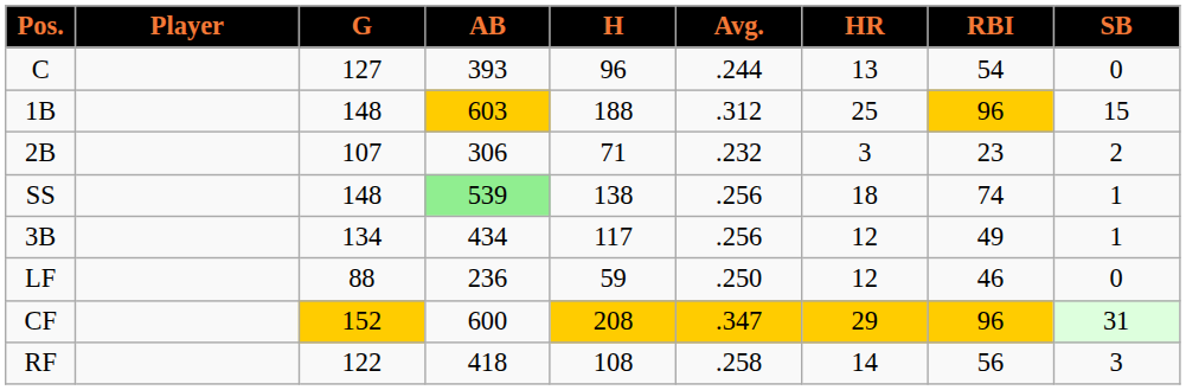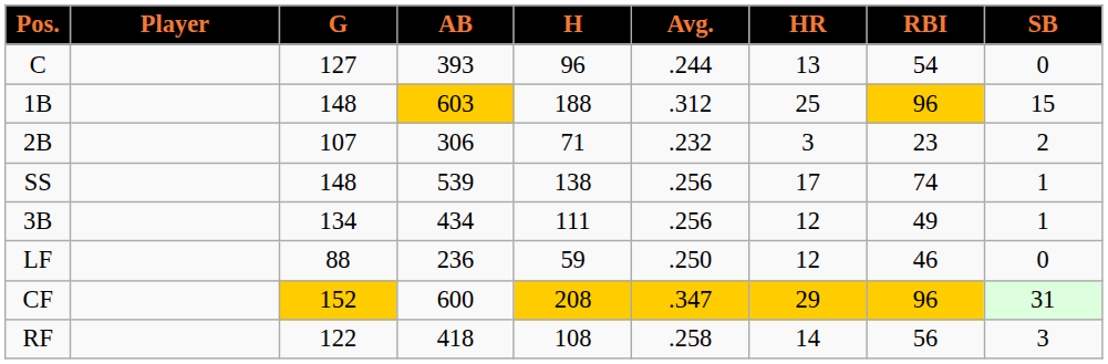 <table class="wikitable sortable">
 <tr>
 <th style="background:black;color:#f47937;" width="5%">Pos.</th>
 <th style="background:black;color:#f47937;" width="16%">Player</th>
 <th style="background:black;color:#f47937;" width="9%">G</th>
 <th style="background:black;color:#f47937;" width="9%">AB</th>
 <th style="background:black;color:#f47937;" width="9%">H</th>
 <th style="background:black;color:#f47937;" width="9%">Avg.</th>
 <th style="background:black;color:#f47937;" width="9%">HR</th>
 <th style="background:black;color:#f47937;" width="9%">RBI</th>
 <th style="background:black;color:#f47937;" width="9%">SB</th>
 </tr>
 <tr align="center">
 <td>C</td>
 <td></td>
 <td>127</td>
 <td>393</td>
 <td>96</td>
 <td>.244</td>
 <td>13</td>
 <td>54</td>
 <td>0</td>
 </tr>
 <tr align="center">
 <td>1B</td>
 <td></td>
 <td>148</td>
 <td style="background:#fc0;">603</td>
 <td>188</td>
 <td>.312</td>
 <td>25</td>
 <td style="background:#fc0;">96</td>
 <td>15</td>
 </tr>
 <tr align="center">
 <td>2B</td>
 <td></td>
 <td>107</td>
 <td>306</td>
 <td>71</td>
 <td>.232</td>
 <td>3</td>
 <td>23</td>
 <td>2</td>
 </tr>
 <tr align="center">
 <td>SS</td>
 <td></td>
 <td>148</td>
-<td style="background: lightgreen;">539</td>
+<td>539</td>
 <td>138</td>
 <td>.256</td>
-<td>18</td>
+<td>17</td>
 <td>74</td>
 <td>1</td>
 </tr>
 <tr align="center">
 <td>3B</td>
 <td></td>
 <td>134</td>
 <td>434</td>
-<td>117</td>
+<td>111</td>
 <td>.256</td>
 <td>12</td>
 <td>49</td>
 <td>1</td>
 </tr>
 <tr align="center">
 <td>LF</td>
 <td></td>
 <td>88</td>
 <td>236</td>
 <td>59</td>
 <td>.250</td>
 <td>12</td>
 <td>46</td>
 <td>0</td>
 </tr>
 <tr align="center">
 <td>CF</td>
 <td></td>
 <td style="background:#fc0;">152</td>
 <td>600</td>
 <td style="background:#fc0;">208</td>
 <td style="background:#fc0;">.347</td>
 <td style="background:#fc0;">29</td>
 <td style="background:#fc0;">96</td>
 <td style="background:#DDFFDD;">31</td>
 </tr>
 <tr align="center">
 <td>RF</td>
 <td></td>
 <td>122</td>
 <td>418</td>
 <td>108</td>
 <td>.258</td>
 <td>14</td>
 <td>56</td>
 <td>3</td>
 </tr>
 </table>
